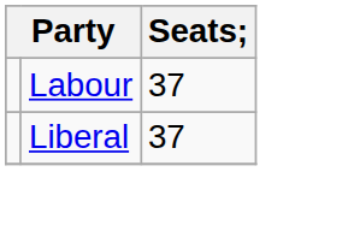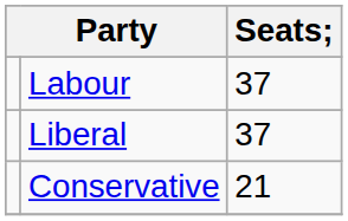 <table class="wikitable">
 <tr>
 <th colspan="2">Party</th>
 <th>Seats;</th>
 </tr>
 <tr>
 <td style="background-color: "></td>
 <td><a href='#'>Labour</a></td>
 <td>37</td>
 </tr>
 <tr>
 <td style="background-color: "></td>
 <td><a href='#'>Liberal</a></td>
 <td>37</td>
 </tr>
 <tr>
+<td style="background-color: "></td>
+<td><a href='#'>Conservative</a></td>
+<td>21</td>
+</tr>
+<tr>
 </tr>
 </table>
